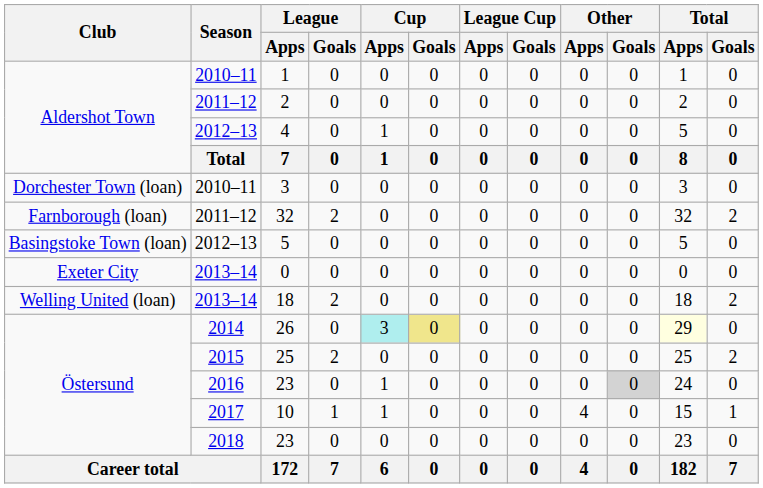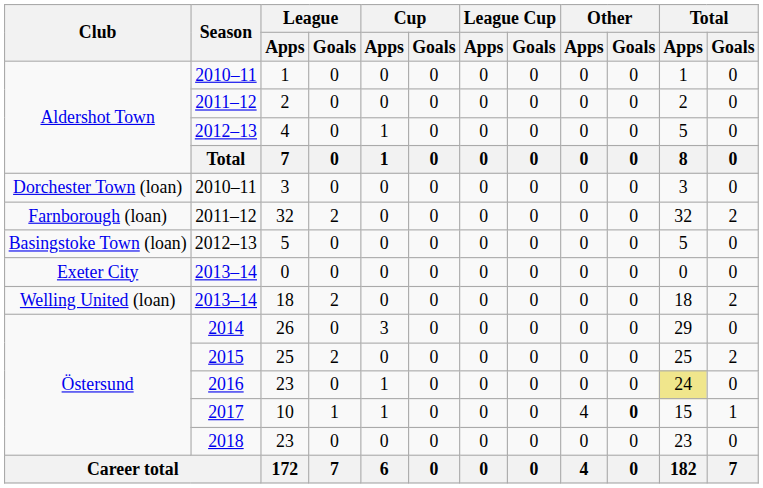 <table class="wikitable" style="text-align: center;">
 <tr>
 <th rowspan="2">Club</th>
 <th rowspan="2">Season</th>
 <th colspan="2">League</th>
 <th colspan="2">Cup</th>
 <th colspan="2">League Cup</th>
 <th colspan="2">Other</th>
 <th colspan="2">Total</th>
 </tr>
 <tr>
 <th>Apps</th>
 <th>Goals</th>
 <th>Apps</th>
 <th>Goals</th>
 <th>Apps</th>
 <th>Goals</th>
 <th>Apps</th>
 <th>Goals</th>
 <th>Apps</th>
 <th>Goals</th>
 </tr>
 <tr>
 <td rowspan="4" valign="center"><a href='#'>Aldershot Town</a></td>
 <td><a href='#'>2010–11</a></td>
 <td>1</td>
 <td>0</td>
 <td>0</td>
 <td>0</td>
 <td>0</td>
 <td>0</td>
 <td>0</td>
 <td>0</td>
 <td>1</td>
 <td>0</td>
 </tr>
 <tr>
 <td><a href='#'>2011–12</a></td>
 <td>2</td>
 <td>0</td>
 <td>0</td>
 <td>0</td>
 <td>0</td>
 <td>0</td>
 <td>0</td>
 <td>0</td>
 <td>2</td>
 <td>0</td>
 </tr>
 <tr>
 <td><a href='#'>2012–13</a></td>
 <td>4</td>
 <td>0</td>
 <td>1</td>
 <td>0</td>
 <td>0</td>
 <td>0</td>
 <td>0</td>
 <td>0</td>
 <td>5</td>
 <td>0</td>
 </tr>
 <tr>
 <th>Total</th>
 <th>7</th>
 <th>0</th>
 <th>1</th>
 <th>0</th>
 <th>0</th>
 <th>0</th>
 <th>0</th>
 <th>0</th>
 <th>8</th>
 <th>0</th>
 </tr>
 <tr>
 <td rowspan="1" valign="center"><a href='#'>Dorchester Town</a> (loan)</td>
 <td>2010–11</td>
 <td>3</td>
 <td>0</td>
 <td>0</td>
 <td>0</td>
 <td>0</td>
 <td>0</td>
 <td>0</td>
 <td>0</td>
 <td>3</td>
 <td>0</td>
 </tr>
 <tr>
 <td rowspan="1" valign="center"><a href='#'>Farnborough</a> (loan)</td>
 <td>2011–12</td>
 <td>32</td>
 <td>2</td>
 <td>0</td>
 <td>0</td>
 <td>0</td>
 <td>0</td>
 <td>0</td>
 <td>0</td>
 <td>32</td>
 <td>2</td>
 </tr>
 <tr>
 <td rowspan="1" valign="center"><a href='#'>Basingstoke Town</a> (loan)</td>
 <td>2012–13</td>
 <td>5</td>
 <td>0</td>
 <td>0</td>
 <td>0</td>
 <td>0</td>
 <td>0</td>
 <td>0</td>
 <td>0</td>
 <td>5</td>
 <td>0</td>
 </tr>
 <tr>
 <td rowspan="1" valign="center"><a href='#'>Exeter City</a></td>
 <td><a href='#'>2013–14</a></td>
 <td>0</td>
 <td>0</td>
 <td>0</td>
 <td>0</td>
 <td>0</td>
 <td>0</td>
 <td>0</td>
 <td>0</td>
 <td>0</td>
 <td>0</td>
 </tr>
 <tr>
 <td rowspan="1" valign="center"><a href='#'>Welling United</a> (loan)</td>
 <td><a href='#'>2013–14</a></td>
 <td>18</td>
 <td>2</td>
 <td>0</td>
 <td>0</td>
 <td>0</td>
 <td>0</td>
 <td>0</td>
 <td>0</td>
 <td>18</td>
 <td>2</td>
 </tr>
 <tr>
 <td rowspan="5" valign="center"><a href='#'>Östersund</a></td>
 <td><a href='#'>2014</a></td>
 <td>26</td>
 <td>0</td>
-<td style="background: paleturquoise;">3</td>
-<td style="background: khaki;">0</td>
+<td>3</td>
 <td>0</td>
 <td>0</td>
 <td>0</td>
 <td>0</td>
-<td style="background: lightyellow;">29</td>
+<td>0</td>
+<td>29</td>
 <td>0</td>
 </tr>
 <tr>
 <td><a href='#'>2015</a></td>
 <td>25</td>
 <td>2</td>
 <td>0</td>
 <td>0</td>
 <td>0</td>
 <td>0</td>
 <td>0</td>
 <td>0</td>
 <td>25</td>
 <td>2</td>
 </tr>
 <tr>
 <td><a href='#'>2016</a></td>
 <td>23</td>
 <td>0</td>
 <td>1</td>
 <td>0</td>
 <td>0</td>
 <td>0</td>
 <td>0</td>
-<td style="background: lightgrey;">0</td>
-<td>24</td>
+<td>0</td>
+<td style="background: khaki;">24</td>
 <td>0</td>
 </tr>
 <tr>
 <td><a href='#'>2017</a></td>
 <td>10</td>
 <td>1</td>
 <td>1</td>
 <td>0</td>
 <td>0</td>
 <td>0</td>
 <td>4</td>
-<td>0</td>
+<td><strong>0</strong></td>
 <td>15</td>
 <td>1</td>
 </tr>
 <tr>
 <td><a href='#'>2018</a></td>
 <td>23</td>
 <td>0</td>
 <td>0</td>
 <td>0</td>
 <td>0</td>
 <td>0</td>
 <td>0</td>
 <td>0</td>
 <td>23</td>
 <td>0</td>
 </tr>
 <tr>
 <th colspan="2">Career total</th>
 <th>172</th>
 <th>7</th>
 <th>6</th>
 <th>0</th>
 <th>0</th>
 <th>0</th>
 <th>4</th>
 <th>0</th>
 <th>182</th>
 <th>7</th>
 </tr>
 </table>
